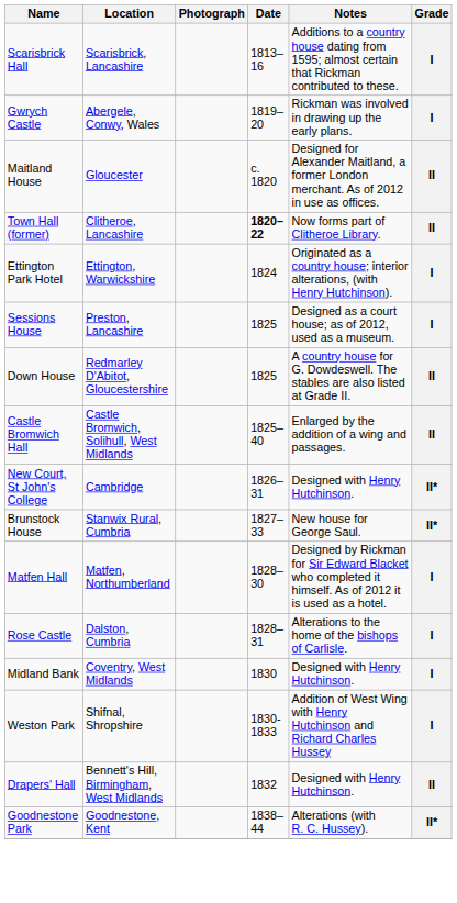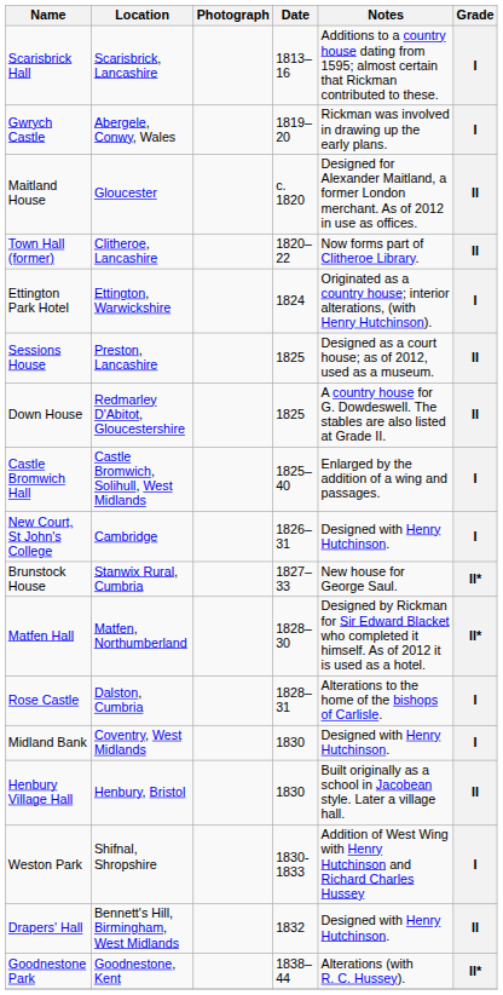 <table class="wikitable sortable">
 <tr>
 <th style="width:120px">Name</th>
 <th style="width:150px">Location</th>
 <th style="width:100px" class="unsortable">Photograph</th>
 <th style="width:80px">Date</th>
 <th style="width:550px" class="unsortable">Notes</th>
 <th style="width:24px">Grade</th>
 </tr>
 <tr>
 <td><a href='#'>Scarisbrick Hall</a></td>
 <td><a href='#'>Scarisbrick</a>, <a href='#'>Lancashire</a><br><small></small></td>
 <td></td>
 <td>1813–16</td>
 <td>Additions to a <a href='#'>country house</a> dating from 1595; almost certain that Rickman contributed to these.</td>
 <th>I</th>
 </tr>
 <tr>
 <td><a href='#'>Gwrych Castle</a></td>
 <td><a href='#'>Abergele</a>, <a href='#'>Conwy</a>, Wales<br><small></small></td>
 <td></td>
 <td>1819–20</td>
 <td>Rickman was involved in drawing up the early plans.</td>
 <th>I</th>
 </tr>
 <tr>
 <td>Maitland House</td>
 <td><a href='#'>Gloucester</a><br><small></small></td>
 <td></td>
 <td>c. 1820</td>
 <td>Designed for Alexander Maitland, a former London merchant.  As of 2012 in use as offices.</td>
 <th>II</th>
 </tr>
 <tr>
 <td><a href='#'>Town Hall (former)</a></td>
 <td><a href='#'>Clitheroe</a>, <a href='#'>Lancashire</a><br><small></small></td>
 <td></td>
-<td><strong>1820–22</strong></td>
+<td>1820–22</td>
 <td>Now forms part of <a href='#'>Clitheroe Library</a>.</td>
 <th>II</th>
 </tr>
 <tr>
 <td>Ettington Park Hotel</td>
 <td><a href='#'>Ettington</a>, <a href='#'>Warwickshire</a><br><small></small></td>
 <td></td>
 <td>1824</td>
 <td>Originated as a <a href='#'>country house</a>; interior alterations, (with <a href='#'>Henry Hutchinson</a>).</td>
 <th>I</th>
 </tr>
 <tr>
 <td><a href='#'>Sessions House</a></td>
 <td><a href='#'>Preston</a>, <a href='#'>Lancashire</a><br><small></small></td>
 <td></td>
 <td>1825</td>
 <td>Designed as a court house; as of 2012, used as a museum.</td>
-<th>I</th>
+<th>II</th>
 </tr>
 <tr>
 <td>Down House</td>
 <td><a href='#'>Redmarley D'Abitot</a>, <a href='#'>Gloucestershire</a><br><small></small></td>
 <td></td>
 <td>1825</td>
 <td>A <a href='#'>country house</a> for G. Dowdeswell.  The stables are also listed at Grade II.</td>
 <th>II</th>
 </tr>
 <tr>
 <td><a href='#'>Castle Bromwich Hall</a></td>
 <td><a href='#'>Castle Bromwich</a>, <a href='#'>Solihull</a>, <a href='#'>West Midlands</a><br><small></small></td>
 <td></td>
 <td>1825–40</td>
 <td>Enlarged by the addition of a wing and passages.</td>
-<th>II</th>
+<th>I</th>
 </tr>
 <tr>
 <td><a href='#'>New Court,<br>St John's College</a></td>
 <td><a href='#'>Cambridge</a><br><small></small></td>
 <td></td>
 <td>1826–31</td>
 <td>Designed with <a href='#'>Henry Hutchinson</a>.</td>
-<th>II*</th>
+<th>I</th>
 </tr>
 <tr>
 <td>Brunstock House</td>
 <td><a href='#'>Stanwix Rural</a>, <a href='#'>Cumbria</a><br><small></small></td>
 <td></td>
 <td>1827–33</td>
 <td>New house for George Saul.</td>
 <th>II*</th>
 </tr>
 <tr>
 <td><a href='#'>Matfen Hall</a></td>
 <td><a href='#'>Matfen</a>, <a href='#'>Northumberland</a><br><small></small></td>
 <td></td>
 <td>1828–30</td>
 <td>Designed by Rickman for <a href='#'>Sir Edward Blacket</a> who completed it himself.  As of 2012 it is used as a hotel.</td>
-<th>I</th>
+<th>II*</th>
 </tr>
 <tr>
 <td><a href='#'>Rose Castle</a></td>
 <td><a href='#'>Dalston</a>, <a href='#'>Cumbria</a><br><small></small></td>
 <td></td>
 <td>1828–31</td>
 <td>Alterations to the home of the <a href='#'>bishops of Carlisle</a>.</td>
 <th>I</th>
 </tr>
 <tr>
 <td>Midland Bank</td>
 <td><a href='#'>Coventry</a>, <a href='#'>West Midlands</a><br><small></small></td>
 <td></td>
 <td>1830</td>
 <td>Designed with <a href='#'>Henry Hutchinson</a>.</td>
 <th>I</th>
+</tr>
+<tr>
+<td><a href='#'>Henbury Village Hall</a></td>
+<td><a href='#'>Henbury</a>, <a href='#'>Bristol</a><br><small></small></td>
+<td></td>
+<td>1830</td>
+<td>Built originally as a school in <a href='#'>Jacobean</a> style.  Later a village hall.</td>
+<th>II</th>
 </tr>
 <tr>
 <td>Weston Park</td>
 <td>Shifnal, Shropshire<br> <br></td>
 <td></td>
 <td>1830-1833</td>
 <td>Addition of West Wing with <a href='#'>Henry Hutchinson</a> and <a href='#'>Richard Charles Hussey</a></td>
 <th>I</th>
 </tr>
 <tr>
 <td><a href='#'>Drapers' Hall</a></td>
 <td>Bennett's Hill, <a href='#'>Birmingham</a>,<br><a href='#'>West Midlands</a><br><small></small></td>
 <td></td>
 <td>1832</td>
 <td>Designed with <a href='#'>Henry Hutchinson</a>.</td>
 <th>II</th>
 </tr>
 <tr>
 <td><a href='#'>Goodnestone Park</a></td>
 <td><a href='#'>Goodnestone</a>, <a href='#'>Kent</a><br><small></small></td>
 <td></td>
 <td>1838–44</td>
 <td>Alterations (with <a href='#'>R. C. Hussey</a>).</td>
 <th>II*</th>
 </tr>
 <tr>
 </tr>
 </table>
